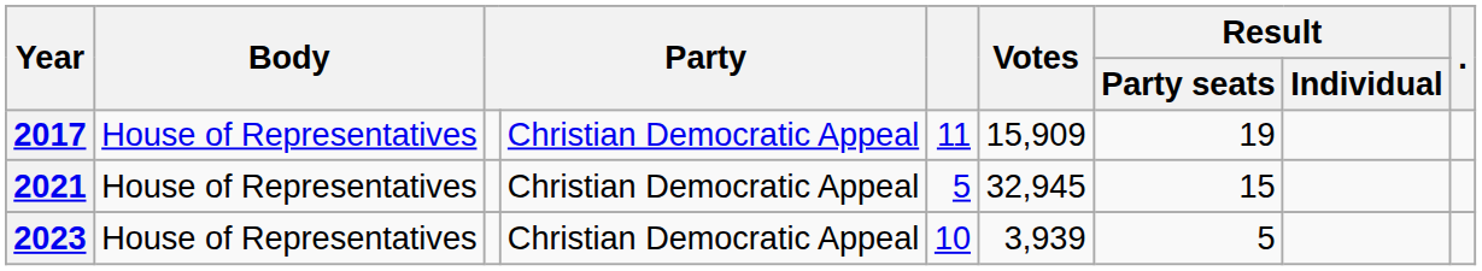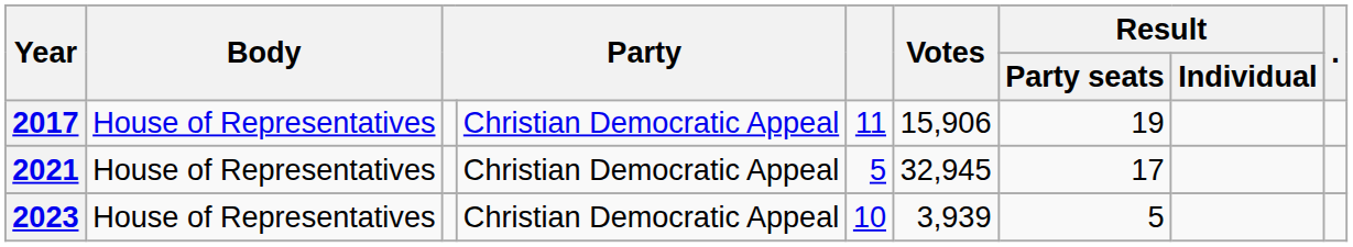 <table class="wikitable plainrowheaders sortable" border=2 cellpadding=4 cellspacing=0 style="border: 1px #aaa solid; font-size: 90%; text-align:center;">
 <tr>
 <th scope="col" rowspan=2>Year</th>
 <th scope="col" rowspan=2>Body</th>
 <th scope="col" colspan=2 rowspan=2>Party</th>
 <th scope="col" rowspan=2></th>
 <th scope="col" rowspan=2>Votes</th>
 <th scope="colgroup" colspan=2>Result</th>
 <th scope="col" rowspan=2 class="unsortable">.</th>
 </tr>
 <tr>
 <th scope="col">Party seats</th>
 <th scope="col">Individual</th>
 </tr>
 <tr>
 <th scope="row"><a href='#'>2017</a></th>
 <td><a href='#'>House of Representatives</a></td>
 <td style="background-color:"></td>
 <td><a href='#'>Christian Democratic Appeal</a></td>
 <td style=text-align:right><a href='#'>11</a></td>
-<td style=text-align:right>15,909</td>
+<td style=text-align:right>15,906</td>
 <td style=text-align:right>19</td>
 <td></td>
 <td></td>
 </tr>
 <tr>
 <th scope="row"><a href='#'>2021</a></th>
 <td>House of Representatives</td>
 <td style="background-color:"></td>
 <td>Christian Democratic Appeal</td>
 <td style=text-align:right><a href='#'>5</a></td>
 <td style=text-align:right>32,945</td>
-<td style=text-align:right>15</td>
+<td style=text-align:right>17</td>
 <td></td>
 <td></td>
 </tr>
 <tr>
 <th scope="row"><a href='#'>2023</a></th>
 <td>House of Representatives</td>
 <td style="background-color:"></td>
 <td>Christian Democratic Appeal</td>
 <td style=text-align:right><a href='#'>10</a></td>
 <td style=text-align:right>3,939</td>
 <td style=text-align:right>5</td>
 <td></td>
 <td></td>
 </tr>
 </table>
